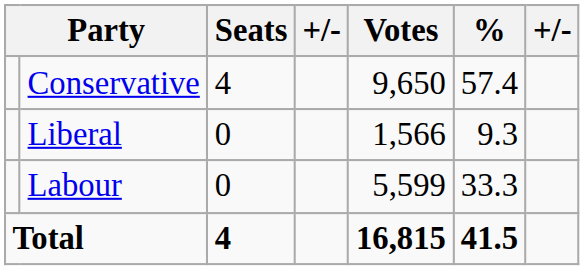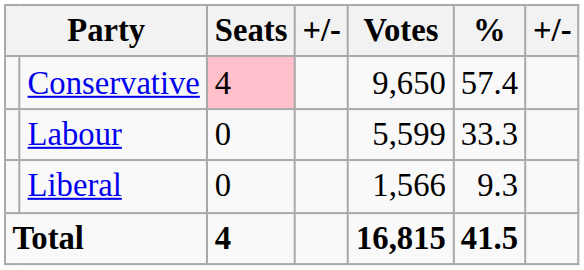 <table class="wikitable sortable">
 <tr>
 <th colspan="2">Party</th>
 <th>Seats</th>
 <th>+/-</th>
 <th>Votes</th>
 <th>%</th>
 <th>+/-</th>
 </tr>
 <tr>
 <td style="background-color: "></td>
 <td><a href='#'>Conservative</a></td>
-<td>4</td>
+<td style="background: pink;">4</td>
 <td></td>
 <td style="text-align:right;">9,650</td>
 <td style="text-align:right;">57.4</td>
+<td style="text-align:right;"></td>
+</tr>
+<tr>
+<td style="background-color: "></td>
+<td><a href='#'>Labour</a></td>
+<td>0</td>
+<td></td>
+<td style="text-align:right;">5,599</td>
+<td style="text-align:right;">33.3</td>
 <td style="text-align:right;"></td>
 </tr>
 <tr>
 <td style="background-color: "></td>
 <td><a href='#'>Liberal</a></td>
 <td>0</td>
 <td></td>
 <td style="text-align:right;">1,566</td>
 <td style="text-align:right;">9.3</td>
 <td style="text-align:right;"></td>
 </tr>
 <tr>
-<td style="background-color: "></td>
-<td><a href='#'>Labour</a></td>
-<td>0</td>
-<td></td>
-<td style="text-align:right;">5,599</td>
-<td style="text-align:right;">33.3</td>
-<td style="text-align:right;"></td>
-</tr>
-<tr>
 <td colspan="2"><strong>Total</strong></td>
 <td><strong>4</strong></td>
 <td></td>
 <td style="text-align:right;"><strong>16,815</strong></td>
 <td style="text-align:right;"><strong>41.5</strong></td>
 <td></td>
 </tr>
 </table>
